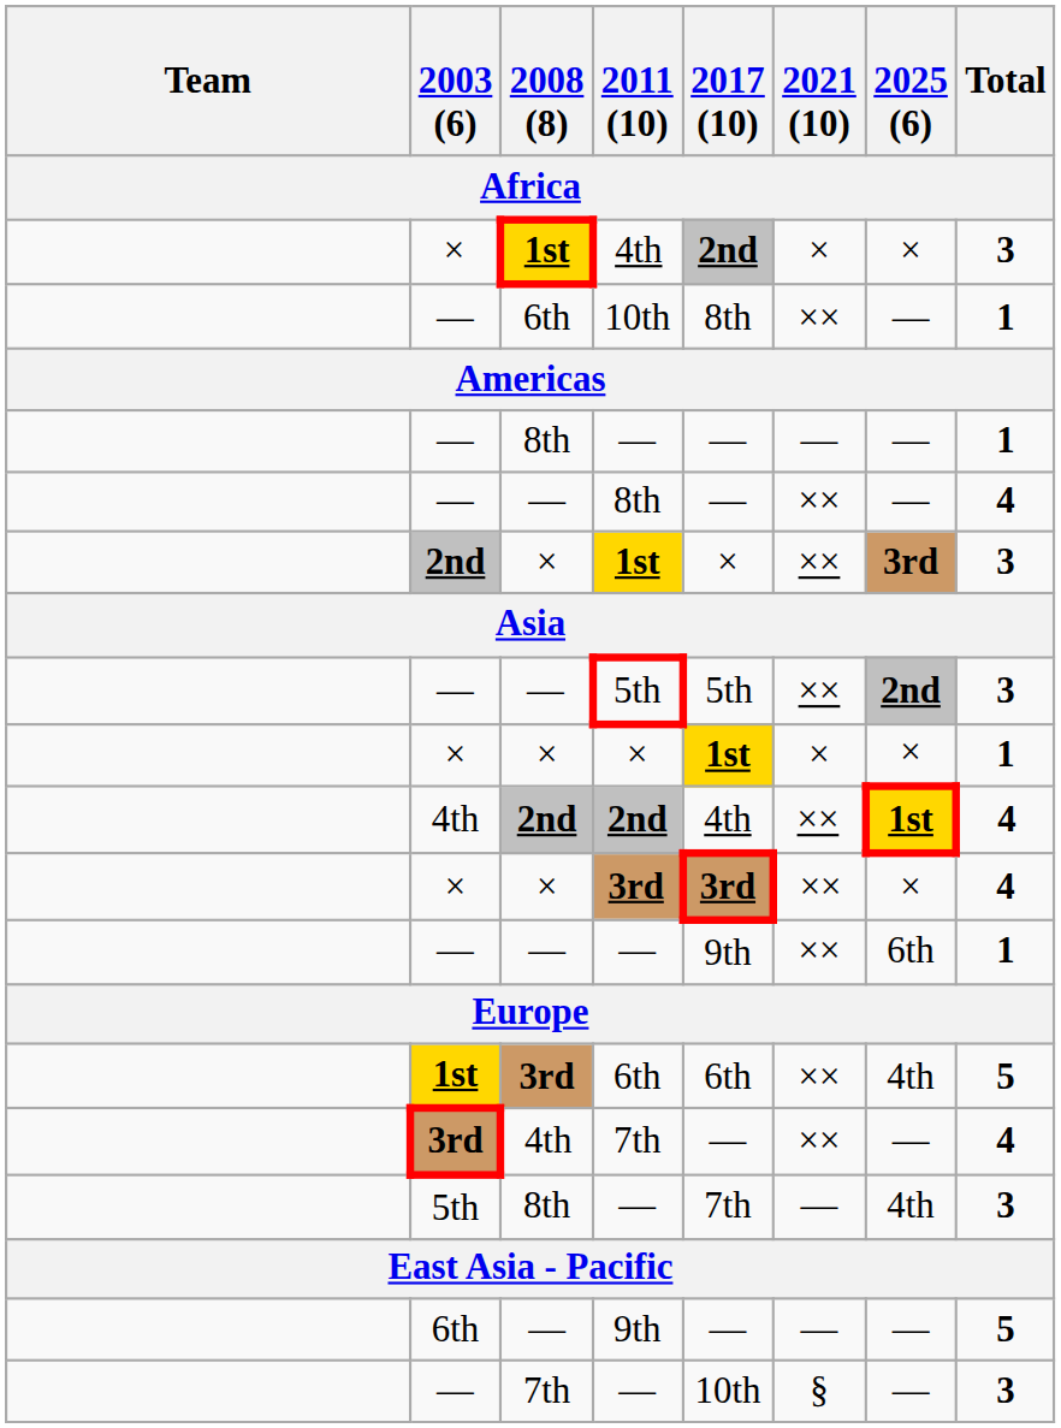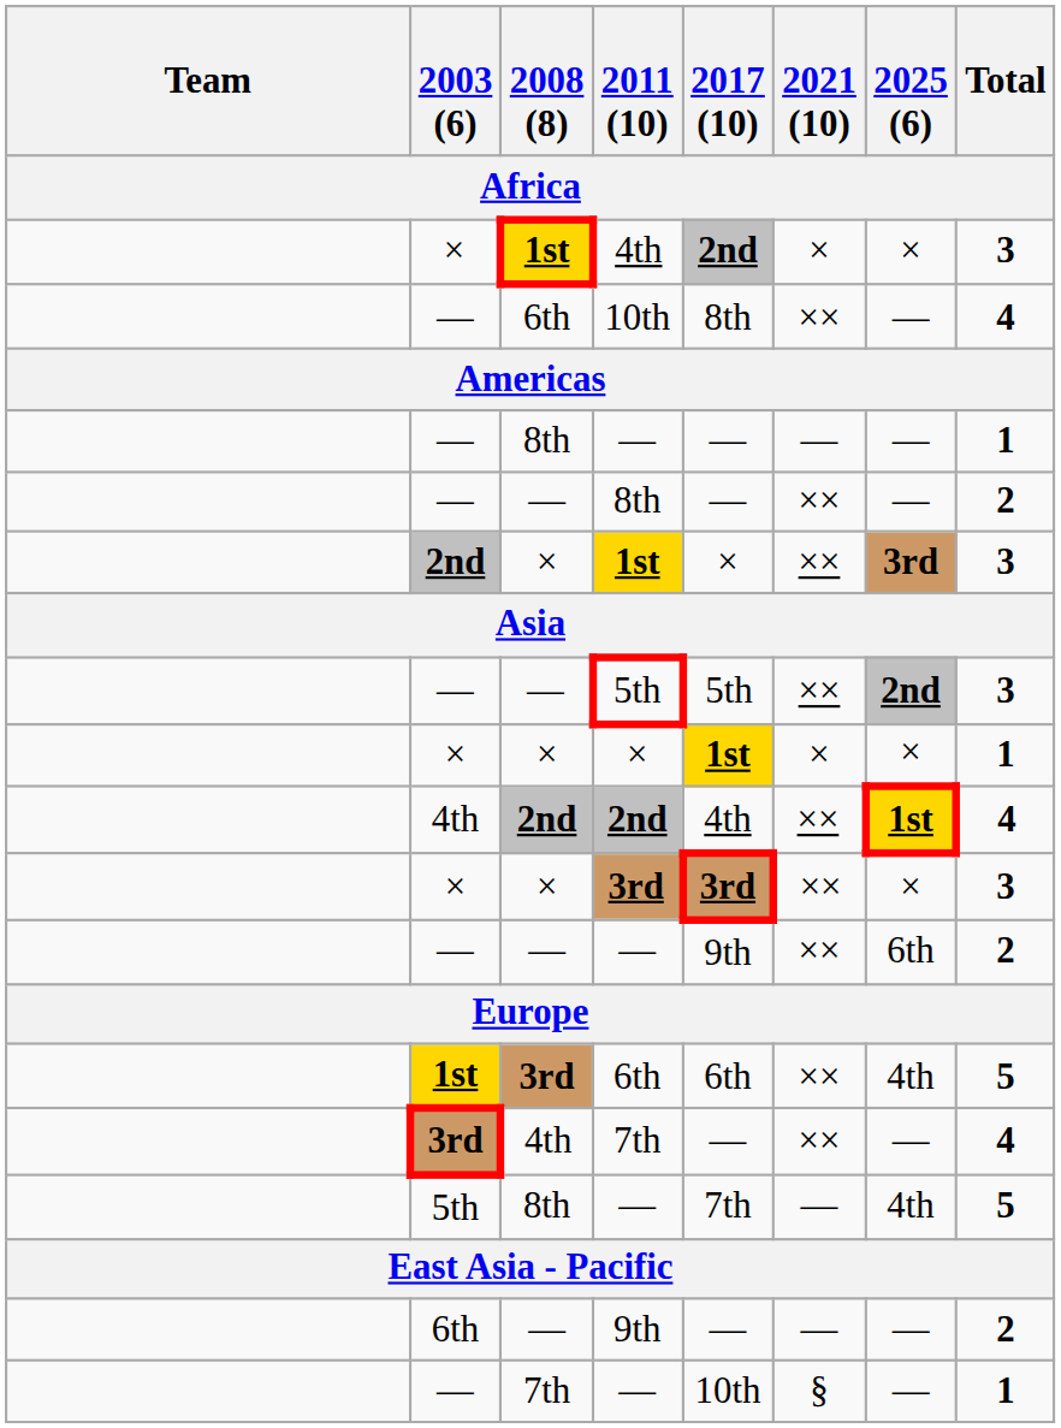 <table class="wikitable" style="text-align:center; font-size:90%">
 <tr>
 <th width=150>Team</th>
 <th><br><a href='#'>2003</a><br>(<strong>6</strong>)</th>
 <th><br><a href='#'>2008</a><br>(<strong>8</strong>)</th>
 <th><br><a href='#'>2011</a><br>(<strong>10</strong>)</th>
 <th><br><a href='#'>2017</a><br>(<strong>10</strong>)</th>
 <th><br><a href='#'>2021</a><br>(<strong>10</strong>)</th>
 <th><br><a href='#'>2025</a><br>(<strong>6</strong>)</th>
 <th>Total</th>
 </tr>
 <tr>
 <th colspan="8"><a href='#'>Africa</a></th>
 </tr>
 <tr>
 <td align="left"></td>
 <td>×</td>
 <td bgcolor="Gold" style="border: 3px solid red"><u><strong>1st</strong></u></td>
 <td><u>4th</u></td>
 <td bgcolor="Silver"><u><strong>2nd</strong></u></td>
 <td>×</td>
 <td>×</td>
 <td><strong>3</strong></td>
 </tr>
 <tr>
 <td align="left"></td>
 <td>—</td>
 <td>6th</td>
 <td>10th</td>
 <td>8th</td>
 <td>××</td>
 <td>—</td>
-<td><strong>1</strong></td>
+<td><strong>4</strong></td>
 </tr>
 <tr>
 <th colspan="8"><a href='#'>Americas</a></th>
 </tr>
 <tr>
 <td align="left"></td>
 <td>—</td>
 <td>8th</td>
 <td>—</td>
 <td>—</td>
 <td>—</td>
 <td>—</td>
 <td><strong>1</strong></td>
 </tr>
 <tr>
 <td align="left"></td>
 <td>—</td>
 <td>—</td>
 <td>8th</td>
 <td>—</td>
 <td>××</td>
 <td>—</td>
-<td><strong>4</strong></td>
+<td><strong>2</strong></td>
 </tr>
 <tr>
 <td align="left"></td>
 <td bgcolor="Silver"><u><strong>2nd</strong></u></td>
 <td>×</td>
 <td bgcolor="Gold"><u><strong>1st</strong></u></td>
 <td>×</td>
 <td><u>××</u></td>
 <td bgcolor="#cc9966"><strong>3rd</strong></td>
 <td><strong>3</strong></td>
 </tr>
 <tr>
 <th colspan="8"><a href='#'>Asia</a></th>
 </tr>
 <tr>
 <td align=left></td>
 <td>—</td>
 <td>—</td>
 <td style="border: 3px solid red">5th</td>
 <td>5th</td>
 <td><u>××</u></td>
 <td bgcolor="Silver"><u><strong>2nd</strong></u></td>
 <td><strong>3</strong></td>
 </tr>
 <tr>
 <td align=left></td>
 <td>×</td>
 <td>×</td>
 <td>×</td>
 <td bgcolor=Gold><u><strong>1st</strong></u></td>
 <td>×</td>
 <td>×</td>
 <td><strong>1</strong></td>
 </tr>
 <tr>
 <td align="left"></td>
 <td>4th</td>
 <td bgcolor="Silver"><u><strong>2nd</strong></u></td>
 <td bgcolor="Silver"><u><strong>2nd</strong></u></td>
 <td><u>4th</u></td>
 <td><u>××</u></td>
 <td style="border: 3px solid red" bgcolor="gold"><u><strong>1st</strong></u></td>
 <td><strong>4</strong></td>
 </tr>
 <tr>
 <td align="left"></td>
 <td>×</td>
 <td>×</td>
 <td bgcolor="#cc9966"><u><strong>3rd</strong></u></td>
 <td style="border: 3px solid red" bgcolor="#cc9966"><u><strong>3rd</strong></u></td>
 <td>××</td>
 <td>×</td>
-<td><strong>4</strong></td>
+<td><strong>3</strong></td>
 </tr>
 <tr>
 <td align="left"></td>
 <td>—</td>
 <td>—</td>
 <td>—</td>
 <td>9th</td>
 <td>××</td>
 <td>6th</td>
-<td><strong>1</strong></td>
+<td><strong>2</strong></td>
 </tr>
 <tr>
 <th colspan="8"><a href='#'>Europe</a></th>
 </tr>
 <tr>
 <td align=left></td>
 <td bgcolor=Gold><u><strong>1st</strong></u></td>
 <td bgcolor=#cc9966><strong>3rd</strong></td>
 <td>6th</td>
 <td>6th</td>
 <td>××</td>
 <td>4th</td>
 <td><strong>5</strong></td>
 </tr>
 <tr>
 <td align="left"></td>
 <td bgcolor="#cc9966" style="border: 3px solid red"><strong>3rd</strong></td>
 <td>4th</td>
 <td>7th</td>
 <td>—</td>
 <td>××</td>
 <td>—</td>
 <td><strong>4</strong></td>
 </tr>
 <tr>
 <td align="left"></td>
 <td>5th</td>
 <td>8th</td>
 <td>—</td>
 <td>7th</td>
 <td>—</td>
 <td>4th</td>
-<td><strong>3</strong></td>
+<td><strong>5</strong></td>
 </tr>
 <tr>
 <th colspan="8"><a href='#'>East Asia - Pacific</a></th>
 </tr>
 <tr>
 <td align=left></td>
 <td>6th</td>
 <td>—</td>
 <td>9th</td>
 <td>—</td>
 <td>—</td>
 <td>—</td>
-<td><strong>5</strong></td>
+<td><strong>2</strong></td>
 </tr>
 <tr>
 <td align=left></td>
 <td>—</td>
 <td>7th</td>
 <td>—</td>
 <td>10th</td>
 <td>§</td>
 <td>—</td>
-<td><strong>3</strong></td>
+<td><strong>1</strong></td>
 </tr>
 </table>
